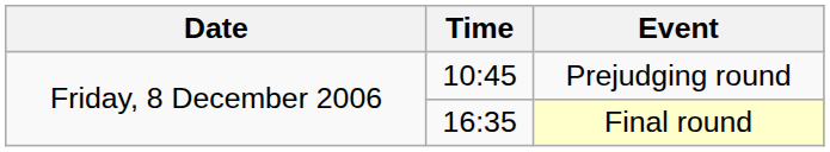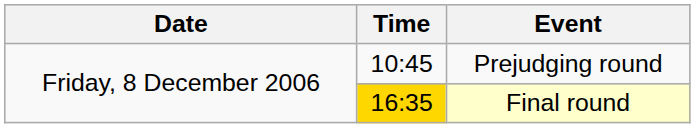 <table class = "wikitable" style="text-align:center;">
 <tr>
 <th width=220>Date</th>
 <th width=50>Time</th>
 <th width=150>Event</th>
 </tr>
 <tr>
 <td rowspan=2>Friday, 8 December 2006</td>
 <td>10:45</td>
 <td>Prejudging round</td>
 </tr>
 <tr>
-<td>16:35</td>
+<td style="background: gold;">16:35</td>
 <td bgcolor=ffffcc>Final round</td>
 </tr>
 </table>
